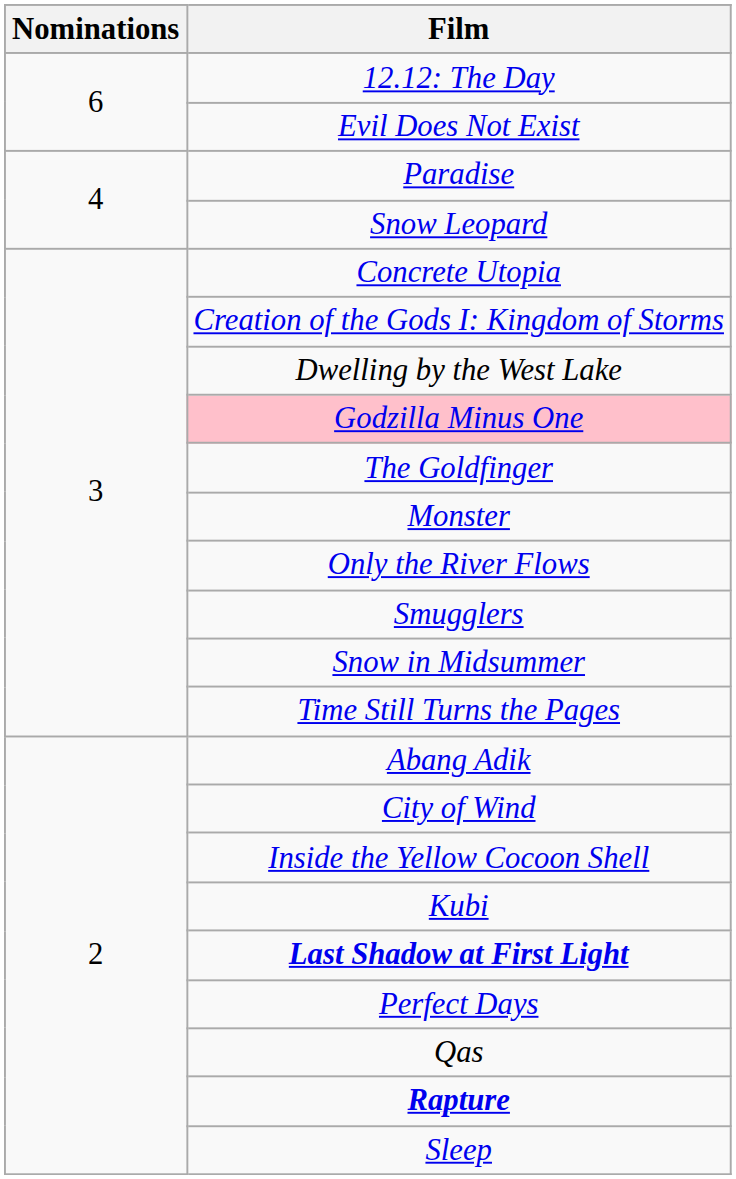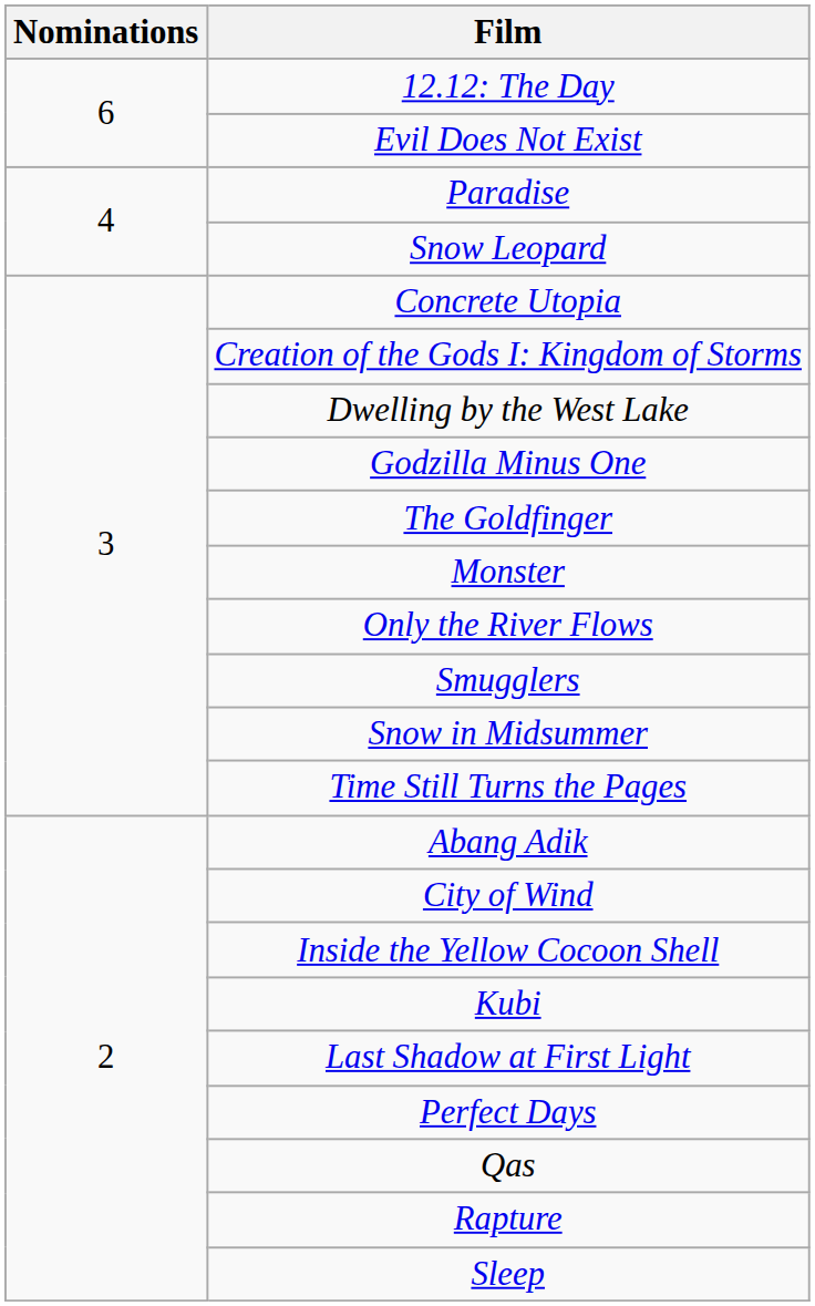 <table class="wikitable plainrowheaders" style="text-align:center;">
 <tr>
 <th scope="col" style="width:55px;">Nominations</th>
 <th scope="col" style="text-align:center;">Film</th>
 </tr>
 <tr>
 <td rowspan="2">6</td>
 <td><em><a href='#'>12.12: The Day</a></em></td>
 </tr>
 <tr>
 <td><em><a href='#'>Evil Does Not Exist</a></em></td>
 </tr>
 <tr>
 <td rowspan="2">4</td>
 <td><em><a href='#'>Paradise</a></em></td>
 </tr>
 <tr>
 <td><em><a href='#'>Snow Leopard</a></em></td>
 </tr>
 <tr>
 <td rowspan="10">3</td>
 <td><em><a href='#'>Concrete Utopia</a></em></td>
 </tr>
 <tr>
 <td><em><a href='#'>Creation of the Gods I: Kingdom of Storms</a></em></td>
 </tr>
 <tr>
 <td><em>Dwelling by the West Lake</em></td>
 </tr>
 <tr>
-<td style="background: pink;"><em><a href='#'>Godzilla Minus One</a></em></td>
+<td><em><a href='#'>Godzilla Minus One</a></em></td>
 </tr>
 <tr>
 <td><em><a href='#'>The Goldfinger</a></em></td>
 </tr>
 <tr>
 <td><em><a href='#'>Monster</a></em></td>
 </tr>
 <tr>
 <td><em><a href='#'>Only the River Flows</a></em></td>
 </tr>
 <tr>
 <td><em><a href='#'>Smugglers</a></em></td>
 </tr>
 <tr>
 <td><em><a href='#'>Snow in Midsummer</a></em></td>
 </tr>
 <tr>
 <td><em><a href='#'>Time Still Turns the Pages</a></em></td>
 </tr>
 <tr>
 <td rowspan="9">2</td>
 <td><em><a href='#'>Abang Adik</a></em></td>
 </tr>
 <tr>
 <td><em><a href='#'>City of Wind</a></em></td>
 </tr>
 <tr>
 <td><em><a href='#'>Inside the Yellow Cocoon Shell</a></em></td>
 </tr>
 <tr>
 <td><em><a href='#'>Kubi</a></em></td>
 </tr>
 <tr>
-<td><strong><em><a href='#'>Last Shadow at First Light</a></em></strong></td>
+<td><em><a href='#'>Last Shadow at First Light</a></em></td>
 </tr>
 <tr>
 <td><em><a href='#'>Perfect Days</a></em></td>
 </tr>
 <tr>
 <td><em>Qas</em></td>
 </tr>
 <tr>
-<td><strong><em><a href='#'>Rapture</a></em></strong></td>
+<td><em><a href='#'>Rapture</a></em></td>
 </tr>
 <tr>
 <td><em><a href='#'>Sleep</a></em></td>
 </tr>
 </table>
